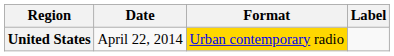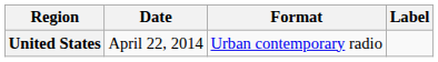 <table class="wikitable plainrowheaders">
 <tr>
 <th>Region</th>
 <th>Date</th>
 <th>Format</th>
 <th>Label</th>
 </tr>
 <tr>
 <th scope="row">United States</th>
 <td>April 22, 2014</td>
-<td style="background: gold;"><a href='#'>Urban contemporary</a> radio</td>
+<td><a href='#'>Urban contemporary</a> radio</td>
 <td rowspan="2"></td>
 </tr>
 </table>
